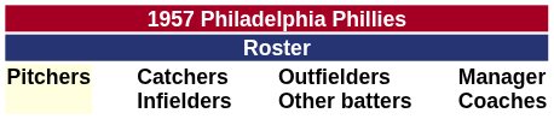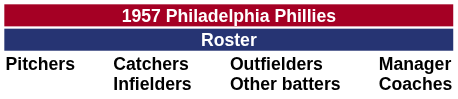 <table class="toccolours" style="font-size: 95%;">
 <tr>
 <th colspan="10" style="background-color: #A50024; color: white; text-align: center;">1957 Philadelphia Phillies</th>
 </tr>
 <tr>
 <td colspan="10" style="background-color: #263473; color: white; text-align: center;"><strong>Roster</strong></td>
 </tr>
 <tr>
-<td valign="top" style="background: lightyellow;"><strong>Pitchers</strong><br>            </td>
+<td valign="top"><strong>Pitchers</strong><br>            </td>
 <td width="25px"></td>
 <td valign="top"><strong>Catchers</strong><br>   <strong>Infielders</strong>          </td>
 <td width="25px"></td>
 <td valign="top"><strong>Outfielders</strong><br>      <strong>Other batters</strong>   </td>
 <td width="25px"></td>
 <td valign="top"><strong>Manager</strong><br> <strong>Coaches</strong>     </td>
 </tr>
 <tr>
 </tr>
 </table>
